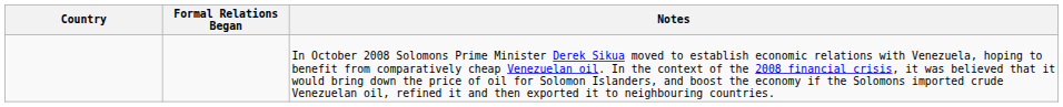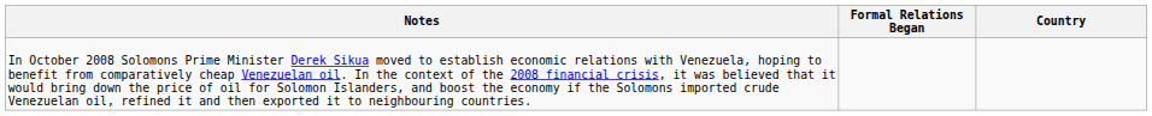 <table class="wikitable sortable" style="width:100%; margin:auto;">
 <tr>
+<th>Notes</th>
+<th style="width:12%;">Formal Relations Began</th>
 <th style="width:15%;">Country</th>
-<th style="width:12%;">Formal Relations Began</th>
-<th>Notes</th>
 </tr>
 <tr valign="top">
+<td><br> In October 2008 Solomons Prime Minister <a href='#'>Derek Sikua</a> moved to establish economic relations with Venezuela, hoping to benefit from comparatively cheap <a href='#'>Venezuelan oil</a>. In the context of the <a href='#'>2008 financial crisis</a>, it was believed that it would bring down the price of oil for Solomon Islanders, and boost the economy if the Solomons imported crude Venezuelan oil, refined it and then exported it to neighbouring countries.</td>
 <td></td>
 <td></td>
-<td><br> In October 2008 Solomons Prime Minister <a href='#'>Derek Sikua</a> moved to establish economic relations with Venezuela, hoping to benefit from comparatively cheap <a href='#'>Venezuelan oil</a>. In the context of the <a href='#'>2008 financial crisis</a>, it was believed that it would bring down the price of oil for Solomon Islanders, and boost the economy if the Solomons imported crude Venezuelan oil, refined it and then exported it to neighbouring countries.</td>
 </tr>
 </table>
